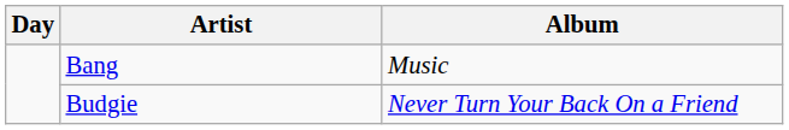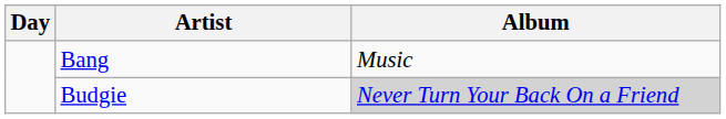 <table class="wikitable" border="1">
 <tr>
 <th>Day</th>
 <th width="200">Artist</th>
 <th width="250">Album</th>
 </tr>
 <tr>
 <td rowspan="2" style="text-align:center;"></td>
 <td><a href='#'>Bang</a></td>
 <td><em>Music</em></td>
 </tr>
 <tr>
 <td><a href='#'>Budgie</a></td>
-<td><em><a href='#'>Never Turn Your Back On a Friend</a></em></td>
+<td style="background: lightgrey;"><em><a href='#'>Never Turn Your Back On a Friend</a></em></td>
 </tr>
 </table>
